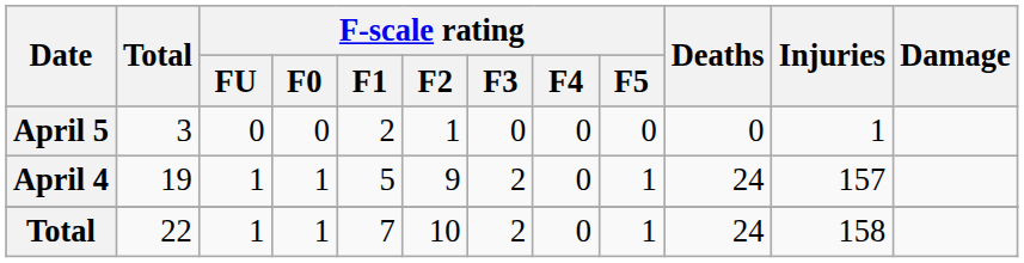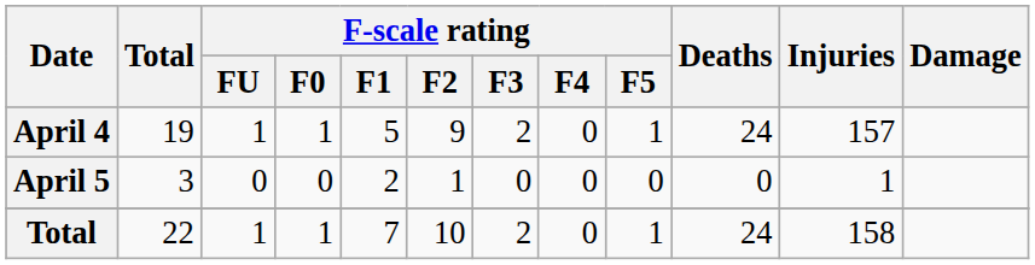 <table class="wikitable sortable" style="margin: 1em auto 1em auto;">
 <tr>
 <th scope="col" rowspan="2">Date</th>
 <th scope="col" rowspan="2" align="center">Total</th>
 <th scope="col" colspan="7" align="center"><a href='#'>F-scale</a> rating</th>
 <th scope="col" rowspan="2" align="center">Deaths</th>
 <th scope="col" rowspan="2" align="center">Injuries</th>
 <th scope="col" rowspan="2" align="center">Damage</th>
 </tr>
 <tr>
 <th scope="col" align="center"> FU </th>
 <th scope="col" align="center"> F0 </th>
 <th scope="col" align="center"> F1 </th>
 <th scope="col" align="center"> F2 </th>
 <th scope="col" align="center"> F3 </th>
 <th scope="col" align="center"> F4 </th>
 <th scope="col" align="center"> F5 </th>
 </tr>
 <tr>
+<th scope="row">April 4</th>
+<td align="right">19</td>
+<td align="right">1</td>
+<td align="right">1</td>
+<td align="right">5</td>
+<td align="right">9</td>
+<td align="right">2</td>
+<td align="right">0</td>
+<td align="right">1</td>
+<td align="right">24</td>
+<td align="right">157</td>
+<td align="right"></td>
+</tr>
+<tr>
 <th scope="row">April 5</th>
 <td align="right">3</td>
 <td align="right">0</td>
 <td align="right">0</td>
 <td align="right">2</td>
 <td align="right">1</td>
 <td align="right">0</td>
 <td align="right">0</td>
 <td align="right">0</td>
 <td align="right">0</td>
 <td align="right">1</td>
-<td align="right"></td>
-</tr>
-<tr>
-<th scope="row">April 4</th>
-<td align="right">19</td>
-<td align="right">1</td>
-<td align="right">1</td>
-<td align="right">5</td>
-<td align="right">9</td>
-<td align="right">2</td>
-<td align="right">0</td>
-<td align="right">1</td>
-<td align="right">24</td>
-<td align="right">157</td>
 <td align="right"></td>
 </tr>
 <tr>
 </tr>
 <tr class="sortbottom">
 <th scope="row">Total</th>
 <td align="right">22</td>
 <td align="right">1</td>
 <td align="right">1</td>
 <td align="right">7</td>
 <td align="right">10</td>
 <td align="right">2</td>
 <td align="right">0</td>
 <td align="right">1</td>
 <td align="right">24</td>
 <td align="right">158</td>
 <td align="right"></td>
 </tr>
 </table>
